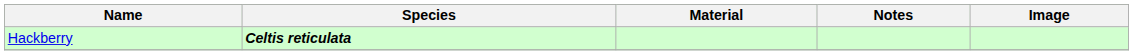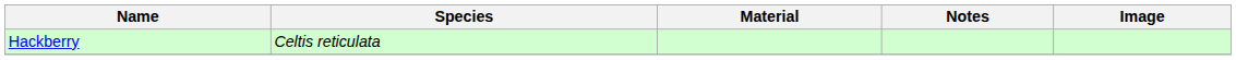 <table class="wikitable" align="center" width="100%" style="background:#D1FFCF;">
 <tr>
 <th>Name</th>
 <th>Species</th>
 <th>Material</th>
 <th>Notes</th>
 <th>Image</th>
 </tr>
 <tr>
 <td><a href='#'>Hackberry</a></td>
-<td><strong><em>Celtis reticulata</em></strong></td>
+<td><em>Celtis reticulata</em></td>
 <td></td>
 <td></td>
 <td></td>
 </tr>
 <tr>
 </tr>
 </table>
